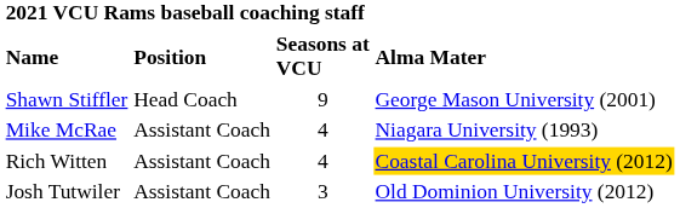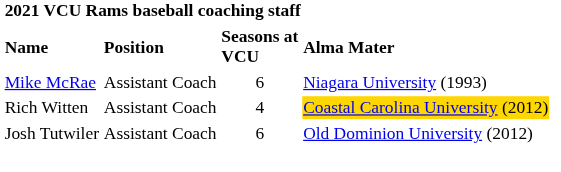 <table class="toccolours" style="text-align: left; font-size:90%;">
 <tr>
 <th colspan="4">2021 VCU Rams baseball coaching staff</th>
 </tr>
 <tr>
 <th>Name</th>
 <th>Position</th>
 <th>Seasons at<br>VCU</th>
 <th>Alma Mater</th>
 </tr>
 <tr>
-<td><a href='#'>Shawn Stiffler</a></td>
-<td>Head Coach</td>
-<td align=center>9</td>
-<td><a href='#'>George Mason University</a> (2001)</td>
-</tr>
-<tr>
 <td><a href='#'>Mike McRae</a></td>
 <td>Assistant Coach</td>
-<td align=center>4</td>
+<td align=center>6</td>
 <td><a href='#'>Niagara University</a> (1993)</td>
 </tr>
 <tr>
 <td>Rich Witten</td>
 <td>Assistant Coach</td>
 <td align=center>4</td>
 <td style="background: gold;"><a href='#'>Coastal Carolina University</a> (2012)</td>
 </tr>
 <tr>
 <td>Josh Tutwiler</td>
 <td>Assistant Coach</td>
-<td align=center>3</td>
+<td align=center>6</td>
 <td><a href='#'>Old Dominion University</a> (2012)</td>
 </tr>
 </table>
